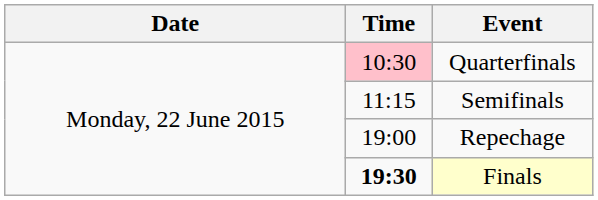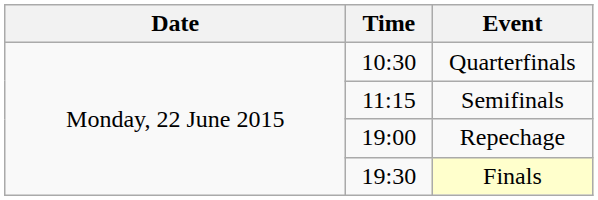 <table class = "wikitable" style="text-align:center;">
 <tr>
 <th width=220>Date</th>
 <th width=50>Time</th>
 <th width=100>Event</th>
 </tr>
 <tr>
 <td rowspan=4>Monday, 22 June 2015</td>
-<td style="background: pink;">10:30</td>
+<td>10:30</td>
 <td>Quarterfinals</td>
 </tr>
 <tr>
 <td>11:15</td>
 <td>Semifinals</td>
 </tr>
 <tr>
 <td>19:00</td>
 <td>Repechage</td>
 </tr>
 <tr>
-<td><strong>19:30</strong></td>
+<td>19:30</td>
 <td bgcolor=ffffcc>Finals</td>
 </tr>
 </table>
